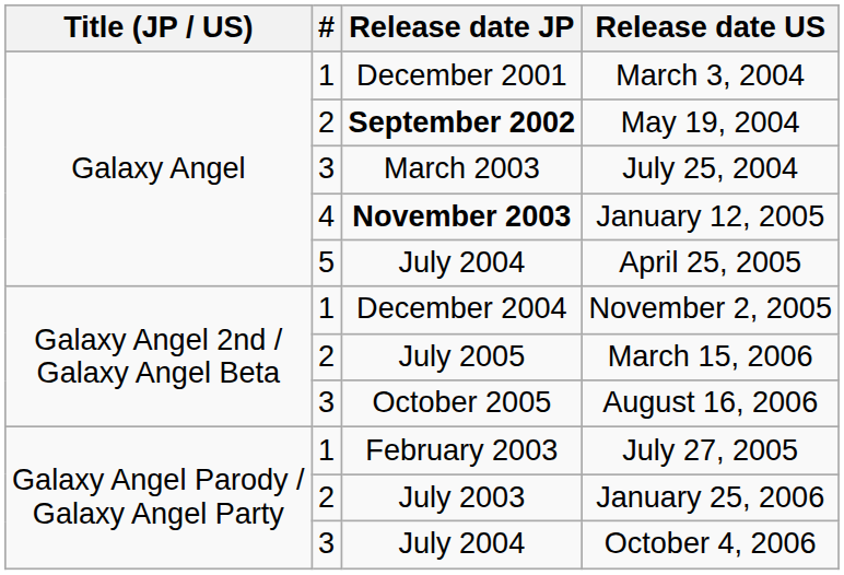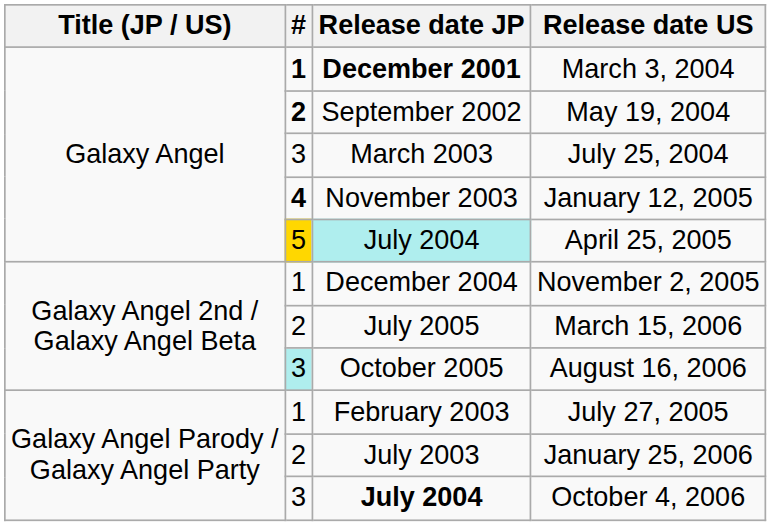 <table class="wikitable" style="text-align: center;">
 <tr>
 <th>Title (JP / US)</th>
 <th>#</th>
 <th>Release date JP</th>
 <th>Release date US</th>
 </tr>
 <tr>
 <td rowspan="5">Galaxy Angel</td>
-<td>1</td>
-<td>December 2001</td>
+<td><strong>1</strong></td>
+<td><strong>December 2001</strong></td>
 <td>March 3, 2004</td>
 </tr>
 <tr>
-<td>2</td>
-<td><strong>September 2002</strong></td>
+<td><strong>2</strong></td>
+<td>September 2002</td>
 <td>May 19, 2004</td>
 </tr>
 <tr>
 <td>3</td>
 <td>March 2003</td>
 <td>July 25, 2004</td>
 </tr>
 <tr>
-<td>4</td>
-<td><strong>November 2003</strong></td>
+<td><strong>4</strong></td>
+<td>November 2003</td>
 <td>January 12, 2005</td>
 </tr>
 <tr>
-<td>5</td>
-<td>July 2004</td>
+<td style="background: gold;">5</td>
+<td style="background: paleturquoise;">July 2004</td>
 <td>April 25, 2005</td>
 </tr>
 <tr>
 <td rowspan="3">Galaxy Angel 2nd /<br>Galaxy Angel Beta</td>
 <td>1</td>
 <td>December 2004</td>
 <td>November 2, 2005</td>
 </tr>
 <tr>
 <td>2</td>
 <td>July 2005</td>
 <td>March 15, 2006</td>
 </tr>
 <tr>
-<td>3</td>
+<td style="background: paleturquoise;">3</td>
 <td>October 2005</td>
 <td>August 16, 2006</td>
 </tr>
 <tr>
 <td rowspan="3">Galaxy Angel Parody /<br>Galaxy Angel Party</td>
 <td>1</td>
 <td>February 2003</td>
 <td>July 27, 2005</td>
 </tr>
 <tr>
 <td>2</td>
 <td>July 2003</td>
 <td>January 25, 2006</td>
 </tr>
 <tr>
 <td>3</td>
-<td>July 2004</td>
+<td><strong>July 2004</strong></td>
 <td>October 4, 2006</td>
 </tr>
 </table>
